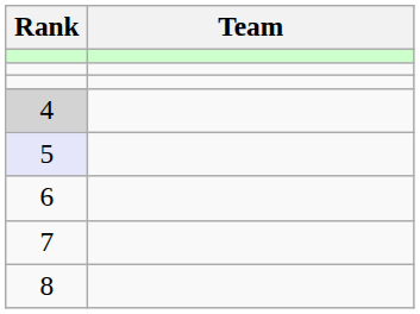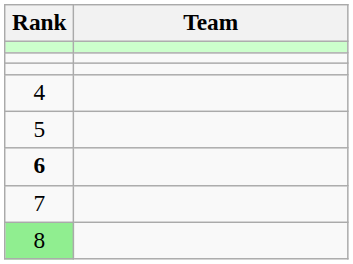 <table class="wikitable" style="text-align: center;">
 <tr>
 <th width=40>Rank</th>
 <th width=180>Team</th>
 </tr>
 <tr bgcolor=#ccffcc>
 <td></td>
 <td style="text-align:left;"></td>
 </tr>
 <tr align=center>
 <td></td>
 <td style="text-align:left;"></td>
 </tr>
 <tr align=center>
 <td></td>
 <td style="text-align:left;"></td>
 </tr>
 <tr align=center>
-<td style="background: lightgrey;">4</td>
+<td>4</td>
 <td style="text-align:left;"></td>
 </tr>
 <tr align=center>
-<td style="background: lavender;">5</td>
+<td>5</td>
 <td style="text-align:left;"></td>
 </tr>
 <tr align=center>
-<td>6</td>
+<td><strong>6</strong></td>
 <td style="text-align:left;"></td>
 </tr>
 <tr align=center>
 <td>7</td>
 <td style="text-align:left;"></td>
 </tr>
 <tr align=center>
-<td>8</td>
+<td style="background: lightgreen;">8</td>
 <td style="text-align:left;"></td>
 </tr>
 </table>
